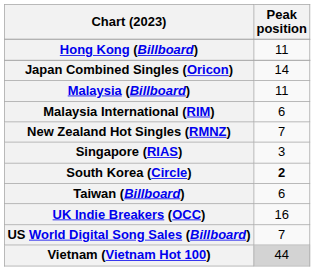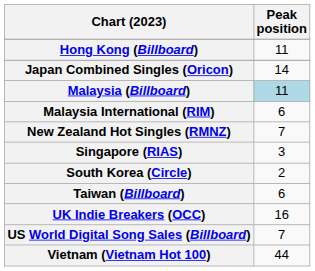 <table class="wikitable sortable plainrowheaders" style="text-align:center">
 <tr>
 <th scope="col">Chart (2023)</th>
 <th scope="col">Peak<br>position</th>
 </tr>
 <tr>
 </tr>
 <tr>
 </tr>
 <tr>
 <th scope="row"><a href='#'>Hong Kong</a> (<em><a href='#'>Billboard</a></em>)</th>
 <td>11</td>
 </tr>
 <tr>
 </tr>
 <tr>
 <th scope="row">Japan Combined Singles (<a href='#'>Oricon</a>)</th>
 <td>14</td>
 </tr>
 <tr>
 <th scope="row"><a href='#'>Malaysia</a> (<em><a href='#'>Billboard</a></em>)</th>
-<td>11</td>
+<td style="background: lightblue;">11</td>
 </tr>
 <tr>
 <th scope="row">Malaysia International (<a href='#'>RIM</a>)</th>
 <td>6</td>
 </tr>
 <tr>
 <th scope="row">New Zealand Hot Singles (<a href='#'>RMNZ</a>)</th>
 <td>7</td>
 </tr>
 <tr>
 <th scope="row">Singapore (<a href='#'>RIAS</a>)</th>
 <td>3</td>
 </tr>
 <tr>
 <th scope="row">South Korea (<a href='#'>Circle</a>)</th>
-<td><strong>2</strong></td>
+<td>2</td>
 </tr>
 <tr>
 <th scope="row">Taiwan (<em><a href='#'>Billboard</a></em>)</th>
 <td>6</td>
 </tr>
 <tr>
 <th scope="row"><a href='#'>UK Indie Breakers</a> (<a href='#'>OCC</a>)</th>
 <td>16</td>
 </tr>
 <tr>
 <th scope="row">US <a href='#'>World Digital Song Sales</a> (<em><a href='#'>Billboard</a></em>)</th>
 <td>7</td>
 </tr>
 <tr>
 <th scope="row">Vietnam (<a href='#'>Vietnam Hot 100</a>)</th>
-<td style="background: lightgrey;">44</td>
+<td>44</td>
 </tr>
 </table>
